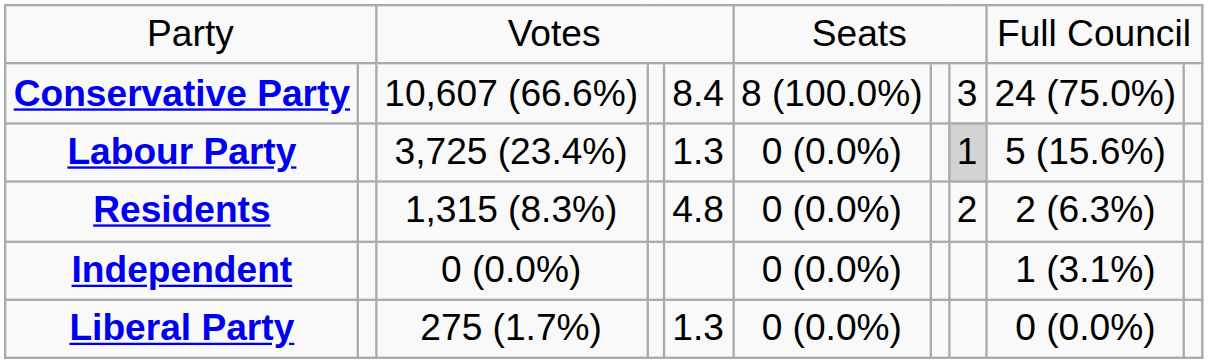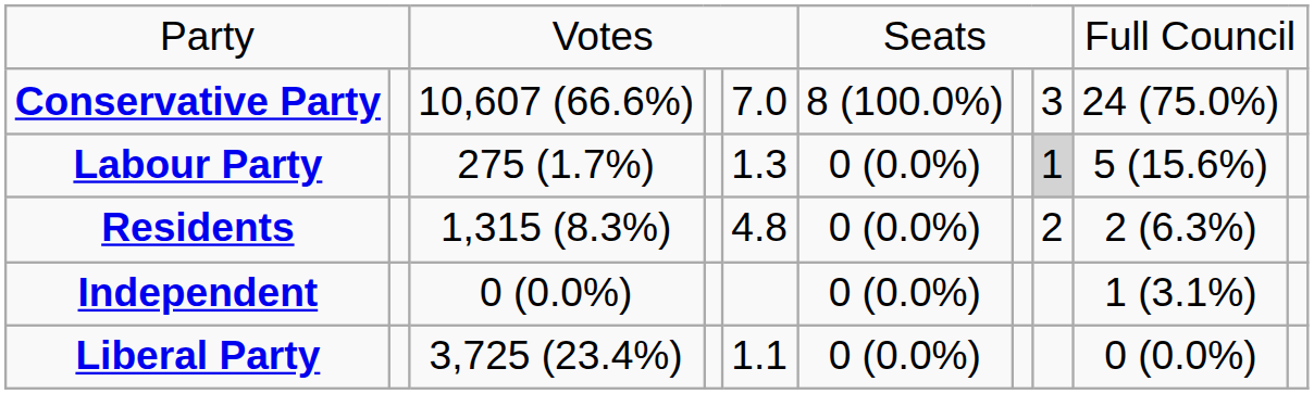 <table class=wikitable style="text-align:center;">
 <tr>
 <td colspan=2>Party</td>
 <td colspan=3>Votes</td>
 <td colspan=3>Seats</td>
 <td colspan=3>Full Council</td>
 </tr>
 <tr>
 <td><strong><a href='#'>Conservative Party</a></strong></td>
 <td style="background:"></td>
 <td>10,607 (66.6%)</td>
 <td></td>
-<td> 8.4</td>
+<td> 7.0</td>
 <td>8 (100.0%)</td>
 <td></td>
 <td> 3</td>
 <td>24 (75.0%)</td>
 <td></td>
 </tr>
 <tr>
 <td><strong><a href='#'>Labour Party</a></strong></td>
 <td style="background:"></td>
-<td>3,725 (23.4%)</td>
+<td>275 (1.7%)</td>
 <td></td>
 <td> 1.3</td>
 <td>0 (0.0%)</td>
 <td></td>
 <td style="background: lightgrey;"> 1</td>
 <td>5 (15.6%)</td>
 <td></td>
 </tr>
 <tr>
 <td><strong><a href='#'>Residents</a></strong></td>
 <td style="background:"></td>
 <td>1,315 (8.3%)</td>
 <td></td>
 <td> 4.8</td>
 <td>0 (0.0%)</td>
 <td></td>
 <td> 2</td>
 <td>2 (6.3%)</td>
 <td></td>
 </tr>
 <tr>
 <td><strong><a href='#'>Independent</a></strong></td>
 <td style="background:"></td>
 <td>0 (0.0%)</td>
 <td></td>
 <td></td>
 <td>0 (0.0%)</td>
 <td></td>
 <td></td>
 <td>1 (3.1%)</td>
 <td></td>
 </tr>
 <tr>
 <td><strong><a href='#'>Liberal Party</a></strong></td>
 <td style="background:"></td>
-<td>275 (1.7%)</td>
+<td>3,725 (23.4%)</td>
 <td></td>
-<td> 1.3</td>
+<td> 1.1</td>
 <td>0 (0.0%)</td>
 <td></td>
 <td></td>
 <td>0 (0.0%)</td>
 <td></td>
 </tr>
 </table>
